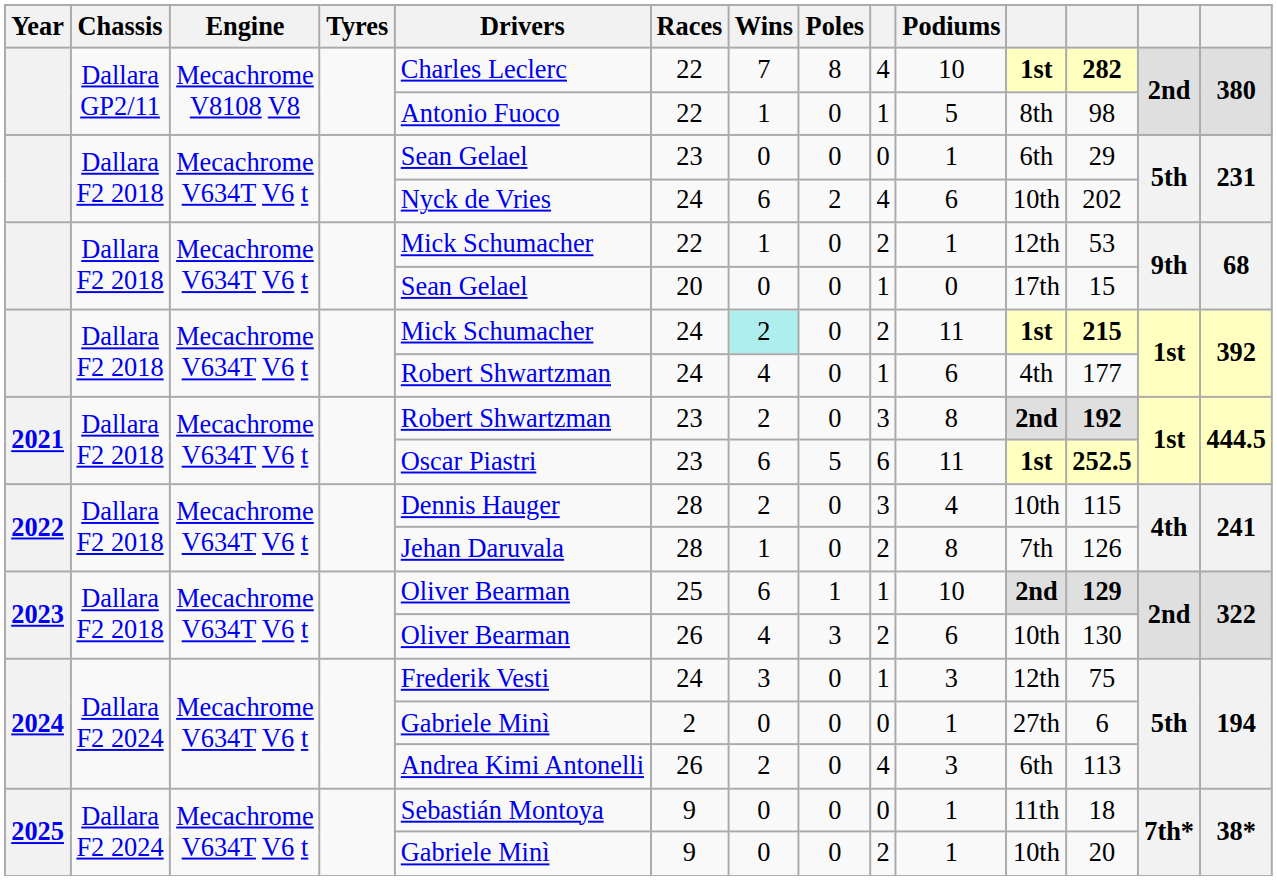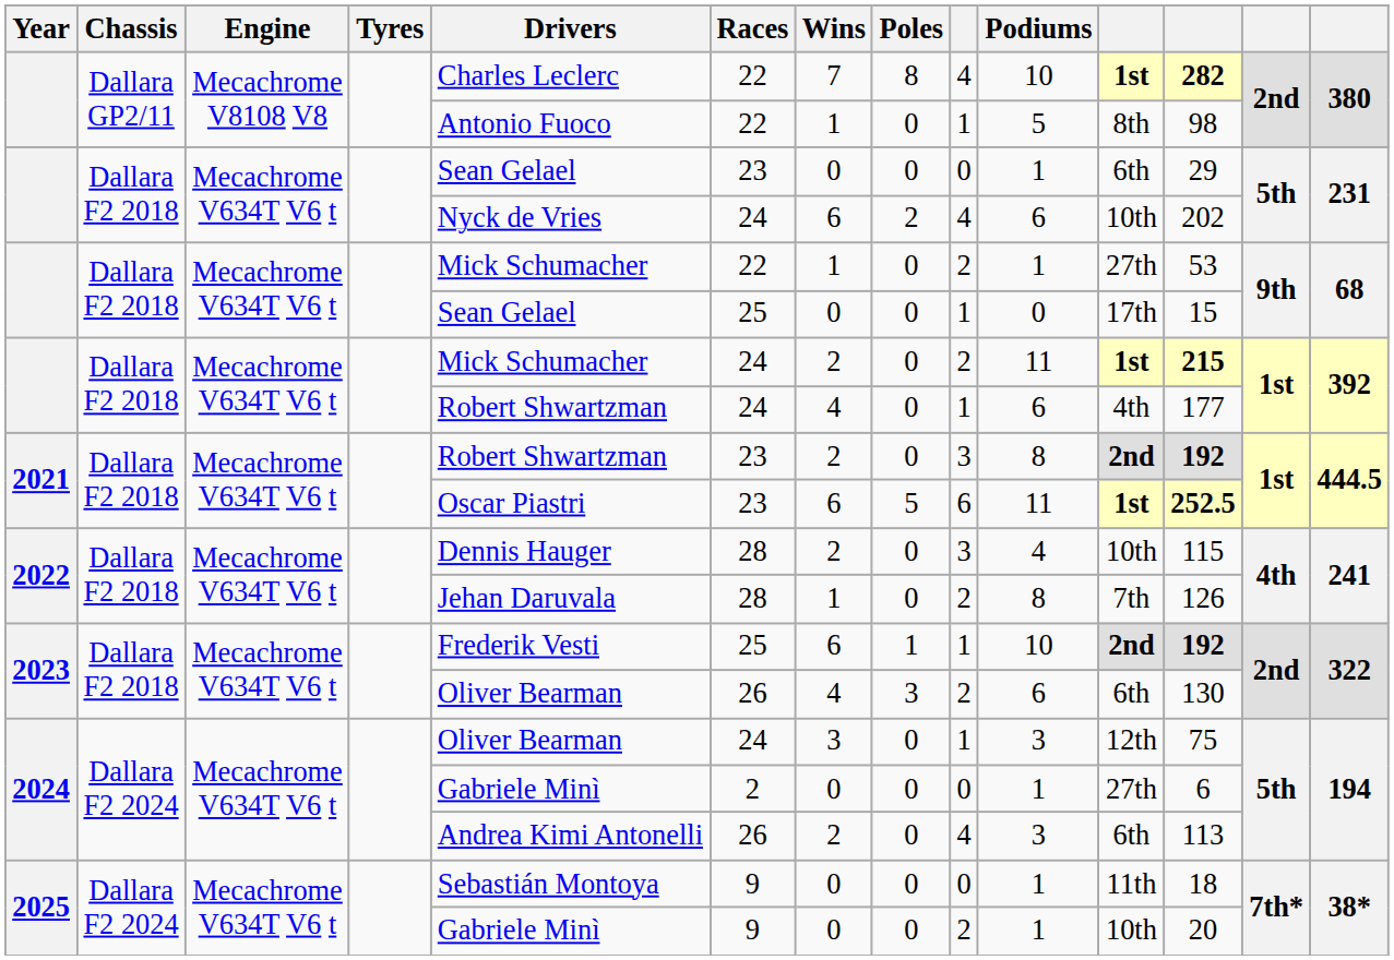 <table class="wikitable" style="text-align:center; font-size:85%">
 <tr>
 <th>Year</th>
 <th>Chassis</th>
 <th>Engine</th>
 <th>Tyres</th>
 <th>Drivers</th>
 <th>Races</th>
 <th>Wins</th>
 <th>Poles</th>
 <th></th>
 <th>Podiums</th>
 <th></th>
 <th></th>
 <th></th>
 <th></th>
 </tr>
 <tr>
 <th rowspan="2"></th>
 <td rowspan=2><a href='#'>Dallara</a><br><a href='#'>GP2/11</a></td>
 <td rowspan=2><a href='#'>Mecachrome</a><br><a href='#'>V8108</a> <a href='#'>V8</a></td>
 <td rowspan=2></td>
 <td align=left> <a href='#'>Charles Leclerc</a></td>
 <td>22</td>
 <td>7</td>
 <td>8</td>
 <td>4</td>
 <td>10</td>
 <td style="background:#FFFFBF;"><strong>1st</strong></td>
 <td style="background:#FFFFBF;"><strong>282</strong></td>
 <th rowspan="2" style="background:#DFDFDF;">2nd</th>
 <th rowspan="2" style="background:#DFDFDF;">380</th>
 </tr>
 <tr>
 <td align=left> <a href='#'>Antonio Fuoco</a></td>
 <td>22</td>
 <td>1</td>
 <td>0</td>
 <td>1</td>
 <td>5</td>
 <td>8th</td>
 <td>98</td>
 </tr>
 <tr>
 <th rowspan="2"></th>
 <td rowspan=2><a href='#'>Dallara</a><br><a href='#'>F2 2018</a></td>
 <td rowspan=2><a href='#'>Mecachrome</a><br><a href='#'>V634T</a> <a href='#'>V6</a> <a href='#'>t</a></td>
 <td rowspan=2></td>
 <td align=left> <a href='#'>Sean Gelael</a></td>
 <td>23</td>
 <td>0</td>
 <td>0</td>
 <td>0</td>
 <td>1</td>
 <td style="background:;">6th</td>
 <td>29</td>
 <th rowspan="2">5th</th>
 <th rowspan="2">231</th>
 </tr>
 <tr>
 <td align=left> <a href='#'>Nyck de Vries</a></td>
 <td>24</td>
 <td>6</td>
 <td>2</td>
 <td>4</td>
 <td>6</td>
 <td style="background:;">10th</td>
 <td>202</td>
 </tr>
 <tr>
 <th rowspan="2"></th>
 <td rowspan=2><a href='#'>Dallara</a><br><a href='#'>F2 2018</a></td>
 <td rowspan=2><a href='#'>Mecachrome</a><br><a href='#'>V634T</a> <a href='#'>V6</a> <a href='#'>t</a></td>
 <td rowspan=2></td>
 <td align=left> <a href='#'>Mick Schumacher</a></td>
 <td>22</td>
 <td>1</td>
 <td>0</td>
 <td>2</td>
 <td>1</td>
-<td>12th</td>
+<td style="background:;">27th</td>
 <td>53</td>
 <th rowspan="2">9th</th>
 <th rowspan="2">68</th>
 </tr>
 <tr>
 <td align=left> <a href='#'>Sean Gelael</a></td>
-<td>20</td>
+<td>25</td>
 <td>0</td>
 <td>0</td>
 <td>1</td>
 <td>0</td>
 <td>17th</td>
 <td>15</td>
 </tr>
 <tr>
 <th rowspan="2"></th>
 <td rowspan=2><a href='#'>Dallara</a><br><a href='#'>F2 2018</a></td>
 <td rowspan=2><a href='#'>Mecachrome</a><br><a href='#'>V634T</a> <a href='#'>V6</a> <a href='#'>t</a></td>
 <td rowspan=2></td>
 <td align=left> <a href='#'>Mick Schumacher</a></td>
 <td>24</td>
-<td style="background: paleturquoise;">2</td>
+<td>2</td>
 <td>0</td>
 <td>2</td>
 <td>11</td>
 <td style="background:#FFFFBF;"><strong>1st</strong></td>
 <td style="background:#FFFFBF;"><strong>215</strong></td>
 <th rowspan="2" style="background:#FFFFBF;">1st</th>
 <th rowspan="2" style="background:#FFFFBF;">392</th>
 </tr>
 <tr>
 <td align=left> <a href='#'>Robert Shwartzman</a></td>
 <td>24</td>
 <td>4</td>
 <td>0</td>
 <td>1</td>
 <td>6</td>
 <td>4th</td>
 <td>177</td>
 </tr>
 <tr>
 <th rowspan="2"><a href='#'>2021</a></th>
 <td rowspan=2><a href='#'>Dallara</a><br><a href='#'>F2 2018</a></td>
 <td rowspan=2><a href='#'>Mecachrome</a><br><a href='#'>V634T</a> <a href='#'>V6</a> <a href='#'>t</a></td>
 <td rowspan=2></td>
 <td align=left> <a href='#'>Robert Shwartzman</a></td>
 <td>23</td>
 <td>2</td>
 <td>0</td>
 <td>3</td>
 <td>8</td>
 <td style="background:#DFDFDF;"><strong>2nd</strong></td>
 <td style="background:#DFDFDF;"><strong>192</strong></td>
 <th rowspan="2" style="background:#FFFFBF;">1st</th>
 <th rowspan="2" style="background:#FFFFBF;">444.5</th>
 </tr>
 <tr>
 <td align=left> <a href='#'>Oscar Piastri</a></td>
 <td>23</td>
 <td>6</td>
 <td>5</td>
 <td>6</td>
 <td>11</td>
 <td style="background:#FFFFBF;"><strong>1st</strong></td>
 <td style="background:#FFFFBF;"><strong>252.5</strong></td>
 </tr>
 <tr>
 <th rowspan="2"><a href='#'>2022</a></th>
 <td rowspan=2><a href='#'>Dallara</a><br><a href='#'>F2 2018</a></td>
 <td rowspan=2><a href='#'>Mecachrome</a><br><a href='#'>V634T</a> <a href='#'>V6</a> <a href='#'>t</a></td>
 <td rowspan=2></td>
 <td align=left> <a href='#'>Dennis Hauger</a></td>
 <td>28</td>
 <td>2</td>
 <td>0</td>
 <td>3</td>
 <td>4</td>
 <td style="background:;">10th</td>
 <td style="background:;">115</td>
 <th rowspan="2" style="background:#;">4th</th>
 <th rowspan="2" style="background:#;">241</th>
 </tr>
 <tr>
 <td align=left> <a href='#'>Jehan Daruvala</a></td>
 <td>28</td>
 <td>1</td>
 <td>0</td>
 <td>2</td>
 <td>8</td>
 <td style="background:#;">7th</td>
 <td style="background:#;">126</td>
 </tr>
 <tr>
 <th rowspan="2"><a href='#'>2023</a></th>
 <td rowspan=2><a href='#'>Dallara</a><br><a href='#'>F2 2018</a></td>
 <td rowspan=2><a href='#'>Mecachrome</a><br><a href='#'>V634T</a> <a href='#'>V6</a> <a href='#'>t</a></td>
 <td rowspan=2></td>
-<td align=left> <a href='#'>Oliver Bearman</a></td>
+<td align=left> <a href='#'>Frederik Vesti</a></td>
 <td>25</td>
 <td>6</td>
 <td>1</td>
 <td>1</td>
 <td>10</td>
 <td style="background:#DFDFDF;"><strong>2nd</strong></td>
-<td style="background:#DFDFDF;"><strong>129</strong></td>
+<td style="background:#DFDFDF;"><strong>192</strong></td>
 <th rowspan="2" style="background:#DFDFDF;">2nd</th>
 <th rowspan="2" style="background:#DFDFDF;">322</th>
 </tr>
 <tr>
 <td align=left> <a href='#'>Oliver Bearman</a></td>
 <td>26</td>
 <td>4</td>
 <td>3</td>
 <td>2</td>
 <td>6</td>
-<td style="background:;">10th</td>
+<td style="background:;">6th</td>
 <td style="background:;">130</td>
 </tr>
 <tr>
 <th rowspan=3><a href='#'>2024</a></th>
 <td rowspan=3><a href='#'>Dallara</a><br><a href='#'>F2 2024</a></td>
 <td rowspan=3><a href='#'>Mecachrome</a><br><a href='#'>V634T</a> <a href='#'>V6</a> <a href='#'>t</a></td>
 <td rowspan=3></td>
-<td align=left> <a href='#'>Frederik Vesti</a></td>
+<td align=left> <a href='#'>Oliver Bearman</a></td>
 <td>24</td>
 <td>3</td>
 <td>0</td>
 <td>1</td>
 <td>3</td>
 <td style="background:#;">12th</td>
 <td style="background:#;">75</td>
 <th rowspan=3 style="background:#;">5th</th>
 <th rowspan=3 style="background:#;">194</th>
 </tr>
 <tr>
 <td align=left> <a href='#'>Gabriele Minì</a></td>
 <td>2</td>
 <td>0</td>
 <td>0</td>
 <td>0</td>
 <td>1</td>
 <td style="background:;">27th</td>
 <td style="background:;">6</td>
 </tr>
 <tr>
 <td align=left> <a href='#'>Andrea Kimi Antonelli</a></td>
 <td>26</td>
 <td>2</td>
 <td>0</td>
 <td>4</td>
 <td>3</td>
 <td style="background:;">6th</td>
 <td style="background:;">113</td>
 </tr>
 <tr>
 <th rowspan="2"><a href='#'>2025</a></th>
 <td rowspan=2><a href='#'>Dallara</a><br><a href='#'>F2 2024</a></td>
 <td rowspan=2><a href='#'>Mecachrome</a><br><a href='#'>V634T</a> <a href='#'>V6</a> <a href='#'>t</a></td>
 <td rowspan=2></td>
 <td align=left> <a href='#'>Sebastián Montoya</a></td>
 <td>9</td>
 <td>0</td>
 <td>0</td>
 <td>0</td>
 <td>1</td>
 <td style="background:#;">11th</td>
 <td style="background:#;">18</td>
 <th rowspan="2" style="background:#;">7th*</th>
 <th rowspan="2" style="background:#;">38*</th>
 </tr>
 <tr>
 <td align=left> <a href='#'>Gabriele Minì</a></td>
 <td>9</td>
 <td>0</td>
 <td>0</td>
 <td>2</td>
 <td>1</td>
 <td style="background:#;">10th</td>
 <td style="background:#;">20</td>
 </tr>
 </table>
